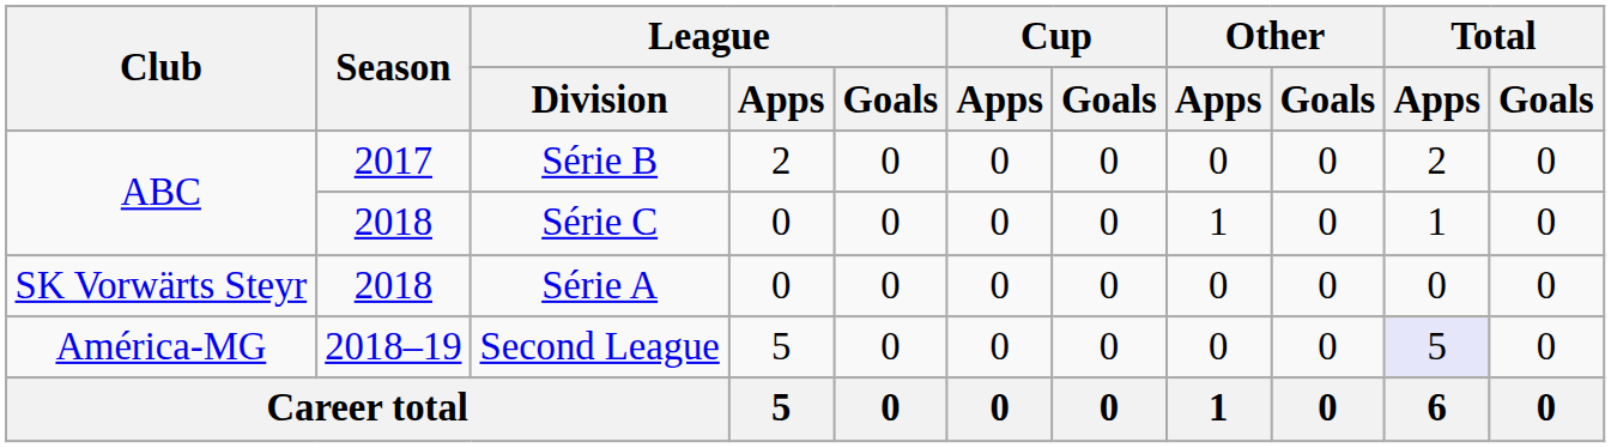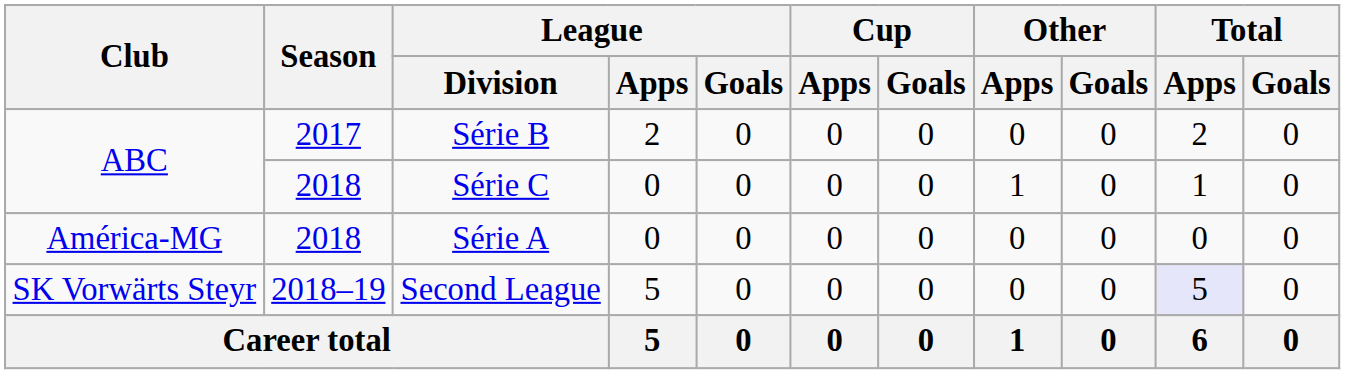 <table class="wikitable" style="text-align: center">
 <tr>
 <th rowspan="2">Club</th>
 <th rowspan="2">Season</th>
 <th colspan="3">League</th>
 <th colspan="2">Cup</th>
 <th colspan="2">Other</th>
 <th colspan="2">Total</th>
 </tr>
 <tr>
 <th>Division</th>
 <th>Apps</th>
 <th>Goals</th>
 <th>Apps</th>
 <th>Goals</th>
 <th>Apps</th>
 <th>Goals</th>
 <th>Apps</th>
 <th>Goals</th>
 </tr>
 <tr>
 <td rowspan="2"><a href='#'>ABC</a></td>
 <td><a href='#'>2017</a></td>
 <td><a href='#'>Série B</a></td>
 <td>2</td>
 <td>0</td>
 <td>0</td>
 <td>0</td>
 <td>0</td>
 <td>0</td>
 <td>2</td>
 <td>0</td>
 </tr>
 <tr>
 <td><a href='#'>2018</a></td>
 <td><a href='#'>Série C</a></td>
 <td>0</td>
 <td>0</td>
 <td>0</td>
 <td>0</td>
 <td>1</td>
 <td>0</td>
 <td>1</td>
 <td>0</td>
 </tr>
 <tr>
-<td><a href='#'>SK Vorwärts Steyr</a></td>
+<td><a href='#'>América-MG</a></td>
 <td><a href='#'>2018</a></td>
 <td><a href='#'>Série A</a></td>
 <td>0</td>
 <td>0</td>
 <td>0</td>
 <td>0</td>
 <td>0</td>
 <td>0</td>
 <td>0</td>
 <td>0</td>
 </tr>
 <tr>
-<td><a href='#'>América-MG</a></td>
+<td><a href='#'>SK Vorwärts Steyr</a></td>
 <td><a href='#'>2018–19</a></td>
 <td><a href='#'>Second League</a></td>
 <td>5</td>
 <td>0</td>
 <td>0</td>
 <td>0</td>
 <td>0</td>
 <td>0</td>
 <td style="background: lavender;">5</td>
 <td>0</td>
 </tr>
 <tr>
 <th colspan="3"><strong>Career total</strong></th>
 <th>5</th>
 <th>0</th>
 <th>0</th>
 <th>0</th>
 <th>1</th>
 <th>0</th>
 <th>6</th>
 <th>0</th>
 </tr>
 </table>
